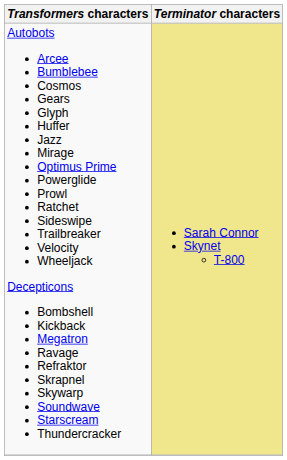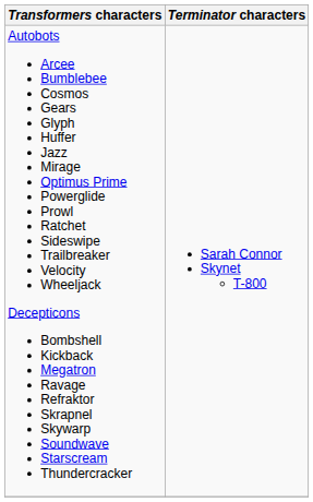 <table class="wikitable" style="text-align:center;">
 <tr>
 <th><em>Transformers</em> characters</th>
 <th><em>Terminator</em> characters</th>
 </tr>
 <tr>
 <td style="text-align: left;"><a href='#'>Autobots</a><br><ul><li><a href='#'>Arcee</a></li><li><a href='#'>Bumblebee</a></li><li>Cosmos</li><li>Gears</li><li>Glyph</li><li>Huffer</li><li>Jazz</li><li>Mirage</li><li><a href='#'>Optimus Prime</a></li><li>Powerglide</li><li>Prowl</li><li>Ratchet</li><li>Sideswipe</li><li>Trailbreaker</li><li>Velocity</li><li>Wheeljack</li></ul><a href='#'>Decepticons</a><ul><li>Bombshell</li><li>Kickback</li><li><a href='#'>Megatron</a></li><li>Ravage</li><li>Refraktor</li><li>Skrapnel</li><li>Skywarp</li><li><a href='#'>Soundwave</a></li><li><a href='#'>Starscream</a></li><li>Thundercracker</li></ul></td>
-<td style="background: khaki; text-align: left;"><br><ul><li><a href='#'>Sarah Connor</a></li><li><a href='#'>Skynet</a><ul><li><a href='#'>T-800</a></li></ul></li></ul></td>
+<td style="text-align: left;"><br><ul><li><a href='#'>Sarah Connor</a></li><li><a href='#'>Skynet</a><ul><li><a href='#'>T-800</a></li></ul></li></ul></td>
 </tr>
 <tr>
 </tr>
 </table>
